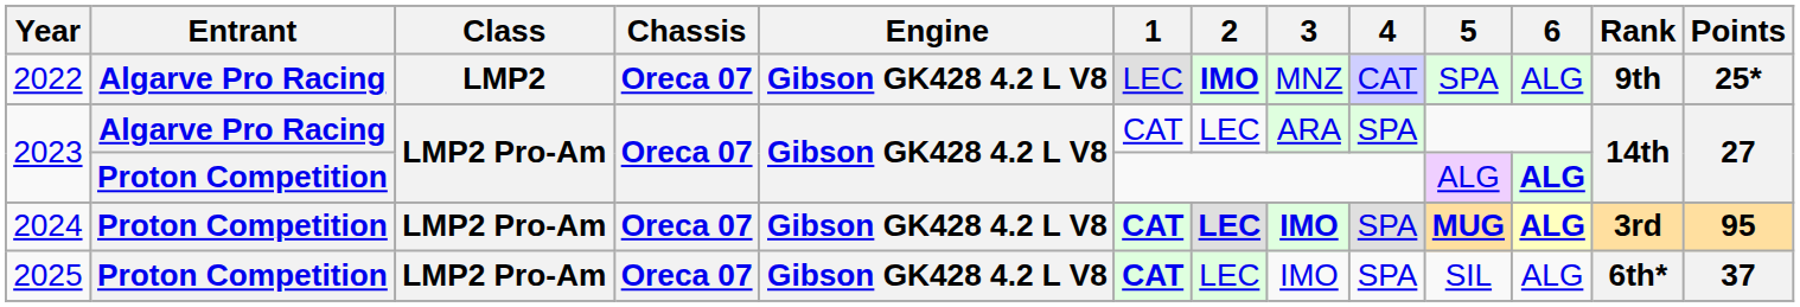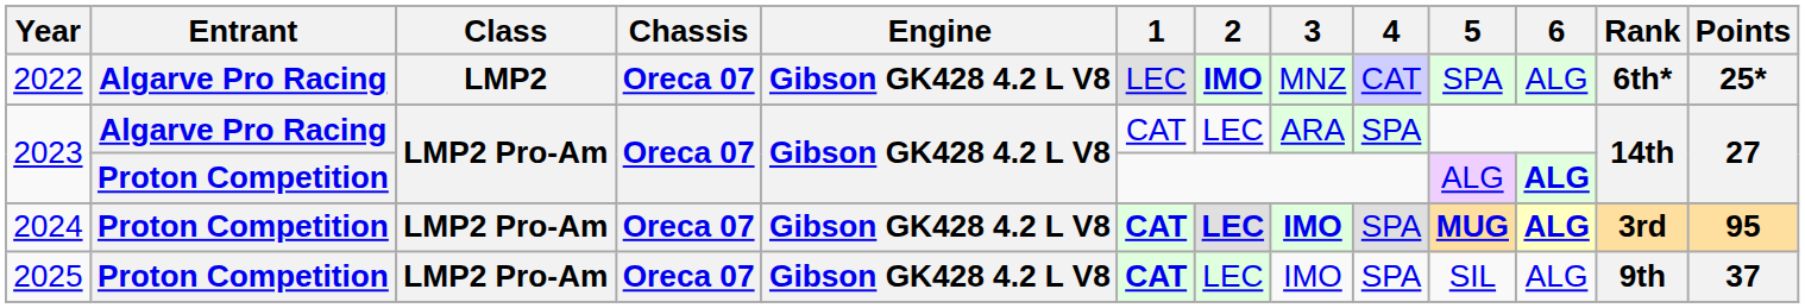 <table class="wikitable" style="text-align:center; font-size:85%">
 <tr>
 <th>Year</th>
 <th>Entrant</th>
 <th>Class</th>
 <th>Chassis</th>
 <th>Engine</th>
 <th>1</th>
 <th>2</th>
 <th>3</th>
 <th>4</th>
 <th>5</th>
 <th>6</th>
 <th>Rank</th>
 <th>Points</th>
 </tr>
 <tr>
 <td><a href='#'>2022</a></td>
 <th nowrap><a href='#'>Algarve Pro Racing</a></th>
 <th>LMP2</th>
 <th nowrap><a href='#'>Oreca 07</a></th>
 <th nowrap><a href='#'>Gibson</a> GK428 4.2 L V8</th>
 <td style="background:#DFDFDF;"><a href='#'>LEC</a><br></td>
 <td style="background:#DFFFDF;"><strong><a href='#'>IMO</a><br></strong></td>
 <td style="background:#DFFFDF;"><a href='#'>MNZ</a><br></td>
 <td style="background:#CFCFFF;"><a href='#'>CAT</a><br></td>
 <td style="background:#DFFFDF;"><a href='#'>SPA</a><br></td>
 <td style="background:#DFFFDF;"><a href='#'>ALG</a><br></td>
-<th>9th</th>
+<th>6th*</th>
 <th>25*</th>
 </tr>
 <tr>
 <td rowspan=2><a href='#'>2023</a></td>
 <th nowrap><a href='#'>Algarve Pro Racing</a></th>
 <th rowspan=2 nowrap>LMP2 Pro-Am</th>
 <th rowspan=2 nowrap><a href='#'>Oreca 07</a></th>
 <th rowspan=2 nowrap><a href='#'>Gibson</a> GK428 4.2 L V8</th>
 <td><a href='#'>CAT</a></td>
 <td><a href='#'>LEC</a></td>
 <td style="background:#DFFFDF;"><a href='#'>ARA</a><br></td>
 <td style="background:#DFFFDF;"><a href='#'>SPA</a><br></td>
 <td colspan=2></td>
 <th rowspan=2>14th</th>
 <th rowspan=2>27</th>
 </tr>
 <tr>
 <th><a href='#'>Proton Competition</a></th>
 <td colspan=4></td>
 <td style="background:#EFCFFF;"><a href='#'>ALG</a><br></td>
 <td style="background:#DFFFDF;"><strong><a href='#'>ALG</a></strong><br></td>
 </tr>
 <tr>
 <td><a href='#'>2024</a></td>
 <th><a href='#'>Proton Competition</a></th>
 <th>LMP2 Pro-Am</th>
 <th><a href='#'>Oreca 07</a></th>
 <th><a href='#'>Gibson</a> GK428 4.2 L V8</th>
 <td style="background:#DFFFDF;"><strong><a href='#'>CAT</a></strong><br></td>
 <td style="background:#DFDFDF;"><strong><a href='#'>LEC</a></strong><br></td>
 <td style="background:#DFFFDF;"><strong><a href='#'>IMO</a></strong><br></td>
 <td style="background:#DFDFDF;"><a href='#'>SPA</a><br></td>
 <td style="background:#FFDF9F;"><strong><a href='#'>MUG</a></strong><br></td>
 <td style="background:#FFFFBF;"><strong><a href='#'>ALG</a></strong><br></td>
 <th style="background:#FFDF9F;">3rd</th>
 <th style="background:#FFDF9F;">95</th>
 </tr>
 <tr>
 <td><a href='#'>2025</a></td>
 <th><a href='#'>Proton Competition</a></th>
 <th>LMP2 Pro-Am</th>
 <th><a href='#'>Oreca 07</a></th>
 <th><a href='#'>Gibson</a> GK428 4.2 L V8</th>
 <td style="background:#DFFFDF;"><strong><a href='#'>CAT</a></strong><br></td>
 <td style="background:#DFFFDF;"><a href='#'>LEC</a><br></td>
 <td style="background:#;"><a href='#'>IMO</a><br></td>
 <td style="background:#;"><a href='#'>SPA</a><br></td>
 <td style="background:#;"><a href='#'>SIL</a><br></td>
 <td style="background:#;"><a href='#'>ALG</a><br></td>
-<th>6th*</th>
+<th>9th</th>
 <th>37</th>
 </tr>
 </table>
